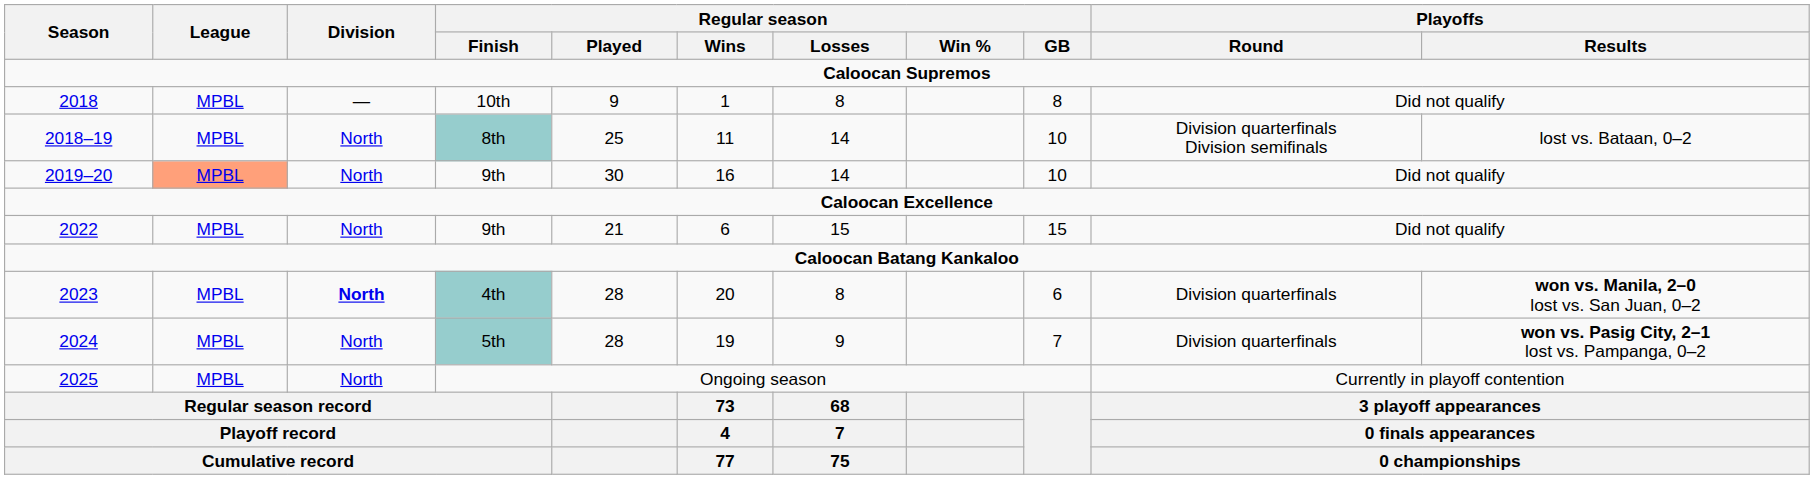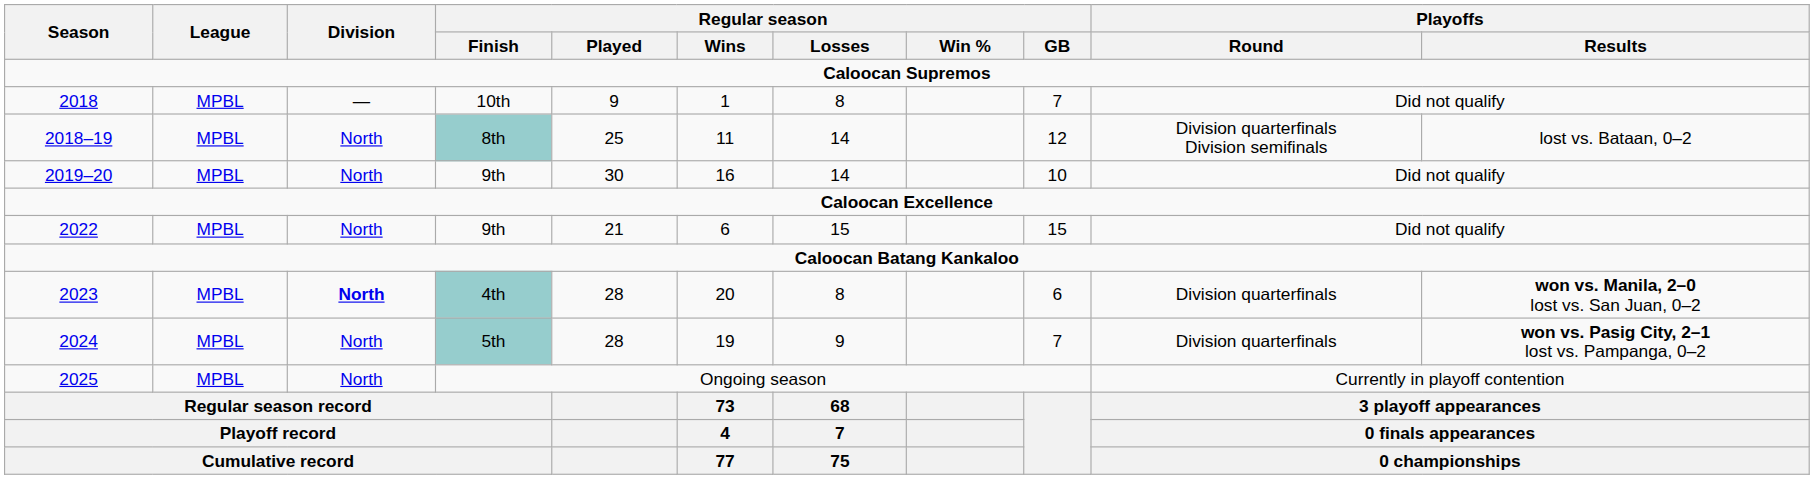 <table class="wikitable" style="width:100%; text-align:center; font-size:95%">
 <tr>
 <th rowspan=2>Season</th>
 <th rowspan=2>League</th>
 <th rowspan=2>Division</th>
 <th colspan=6>Regular season</th>
 <th colspan=2>Playoffs</th>
 </tr>
 <tr>
 <th>Finish</th>
 <th>Played</th>
 <th>Wins</th>
 <th>Losses</th>
 <th>Win %</th>
 <th>GB</th>
 <th>Round</th>
 <th>Results</th>
 </tr>
 <tr>
 <td align="center" colspan="11"><strong>Caloocan Supremos</strong></td>
 </tr>
 <tr>
 <td><a href='#'>2018</a></td>
 <td><a href='#'>MPBL</a></td>
 <td>—</td>
 <td>10th</td>
 <td>9</td>
 <td>1</td>
 <td>8</td>
 <td></td>
-<td>8</td>
+<td>7</td>
 <td colspan=2>Did not qualify</td>
 </tr>
 <tr>
 <td><a href='#'>2018–19</a></td>
 <td><a href='#'>MPBL</a></td>
 <td><a href='#'>North</a></td>
 <td bgcolor="#96CDCD">8th</td>
 <td>25</td>
 <td>11</td>
 <td>14</td>
 <td></td>
-<td>10</td>
+<td>12</td>
 <td>Division quarterfinals <br> Division semifinals</td>
 <td>lost vs. Bataan, 0–2</td>
 </tr>
 <tr>
 <td><a href='#'>2019–20</a></td>
-<td style="background: lightsalmon;"><a href='#'>MPBL</a></td>
+<td><a href='#'>MPBL</a></td>
 <td><a href='#'>North</a></td>
 <td>9th</td>
 <td>30</td>
 <td>16</td>
 <td>14</td>
 <td></td>
 <td>10</td>
 <td colspan=2>Did not qualify</td>
 </tr>
 <tr>
 <td align="center" colspan="11"><strong>Caloocan Excellence</strong></td>
 </tr>
 <tr>
 <td><a href='#'>2022</a></td>
 <td><a href='#'>MPBL</a></td>
 <td><a href='#'>North</a></td>
 <td>9th</td>
 <td>21</td>
 <td>6</td>
 <td>15</td>
 <td></td>
 <td>15</td>
 <td colspan=2>Did not qualify</td>
 </tr>
 <tr>
 <td align="center" colspan="11"><strong>Caloocan Batang Kankaloo</strong></td>
 </tr>
 <tr>
 <td><a href='#'>2023</a></td>
 <td><a href='#'>MPBL</a></td>
 <td><strong><a href='#'>North</a></strong></td>
 <td bgcolor="#96CDCD">4th</td>
 <td>28</td>
 <td>20</td>
 <td>8</td>
 <td></td>
 <td>6</td>
 <td>Division quarterfinals</td>
 <td><strong>won vs. Manila, 2–0</strong> <br> lost vs. San Juan, 0–2</td>
 </tr>
 <tr>
 <td><a href='#'>2024</a></td>
 <td><a href='#'>MPBL</a></td>
 <td><a href='#'>North</a></td>
 <td bgcolor="#96CDCD">5th</td>
 <td>28</td>
 <td>19</td>
 <td>9</td>
 <td></td>
 <td>7</td>
 <td>Division quarterfinals</td>
 <td><strong>won vs. Pasig City, 2–1</strong> <br> lost vs. Pampanga, 0–2</td>
 </tr>
 <tr>
 <td><a href='#'>2025</a></td>
 <td><a href='#'>MPBL</a></td>
 <td><a href='#'>North</a></td>
 <td colspan=6>Ongoing season</td>
 <td colspan=2>Currently in playoff contention</td>
 </tr>
 <tr>
 <th colspan=4>Regular season record</th>
 <th></th>
 <th>73</th>
 <th>68</th>
 <th></th>
 <th rowspan=3></th>
 <th colspan=2>3 playoff appearances</th>
 </tr>
 <tr>
 <th colspan=4>Playoff record</th>
 <th></th>
 <th>4</th>
 <th>7</th>
 <th></th>
 <th colspan=2>0 finals appearances</th>
 </tr>
 <tr>
 <th colspan=4>Cumulative record</th>
 <th></th>
 <th>77</th>
 <th>75</th>
 <th></th>
 <th colspan=2>0 championships</th>
 </tr>
 </table>
